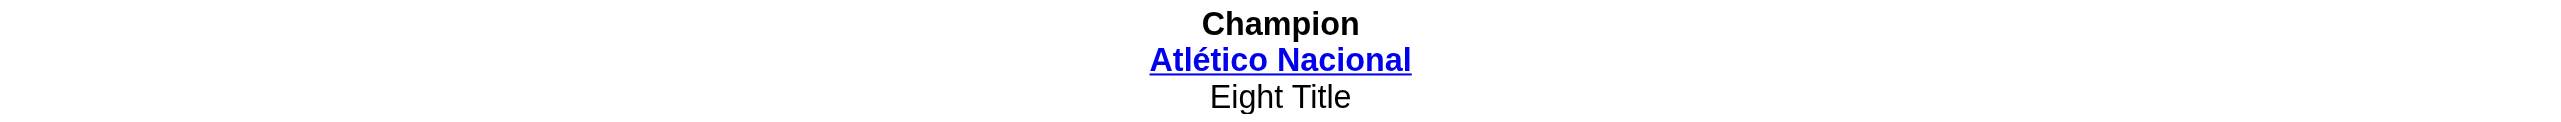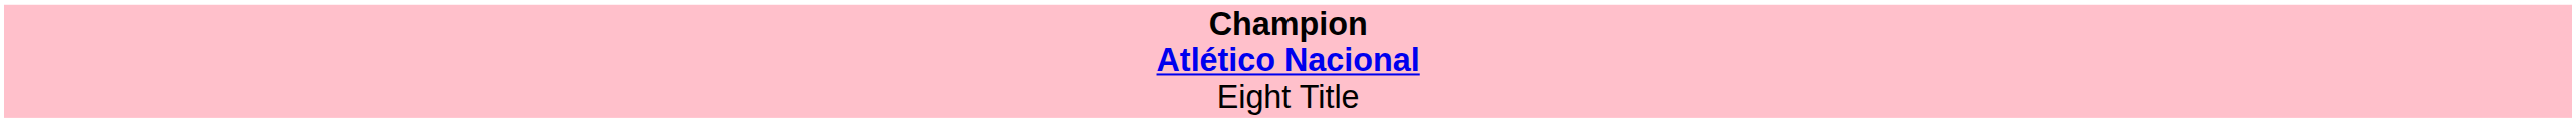 <table cellspacing=0 width=100%>
 <tr>
 <td align=center><br><br></td>
 </tr>
 <tr>
-<td align=center><strong>Champion<br><a href='#'>Atlético Nacional</a></strong><br>Eight Title</td>
+<td align=center style="background: pink;"><strong>Champion<br><a href='#'>Atlético Nacional</a></strong><br>Eight Title</td>
 </tr>
 </table>
